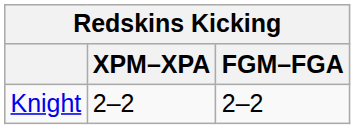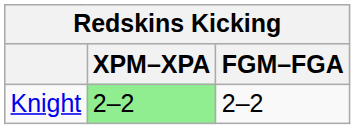 <table class="wikitable">
 <tr>
 <th colspan="3">Redskins Kicking</th>
 </tr>
 <tr>
 <th></th>
 <th>XPM–XPA</th>
 <th>FGM–FGA</th>
 </tr>
 <tr>
 <td><a href='#'>Knight</a></td>
-<td>2–2</td>
+<td style="background: lightgreen;">2–2</td>
 <td>2–2</td>
 </tr>
 </table>
